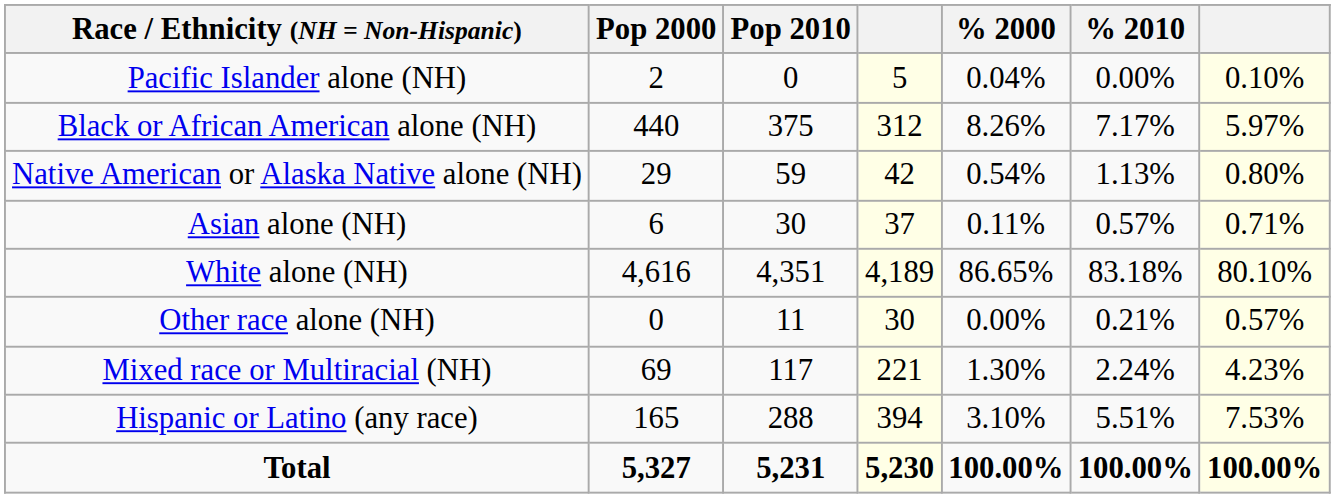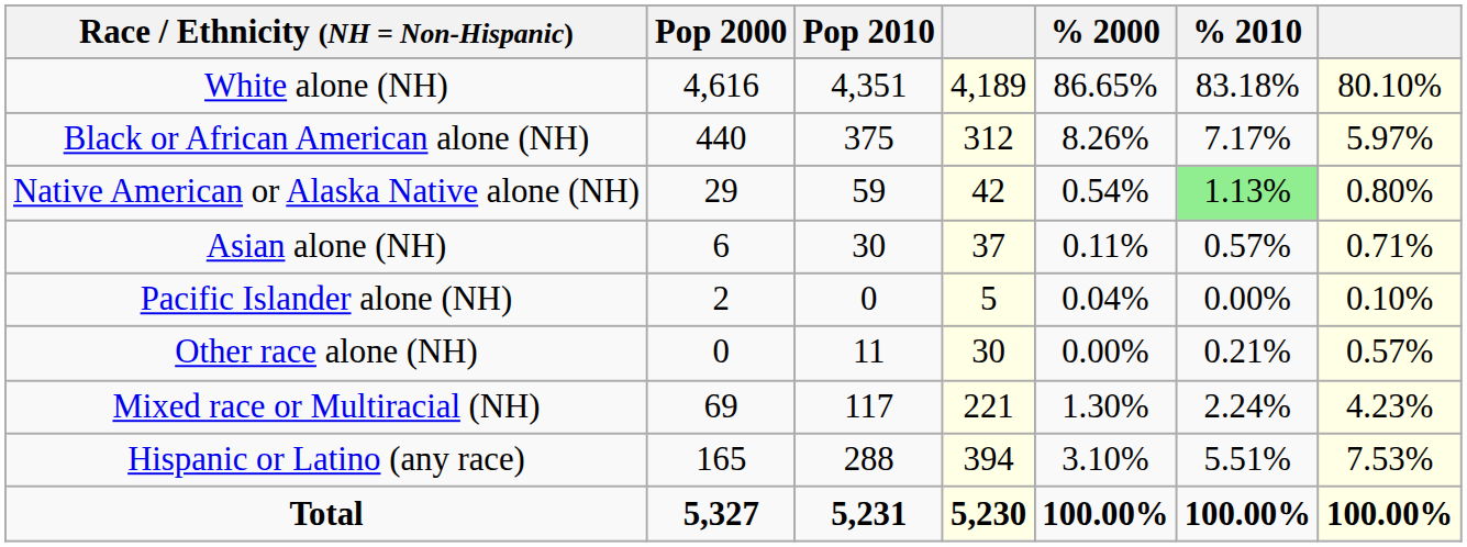 <table class="wikitable" style="text-align:center;">
 <tr>
 <th>Race / Ethnicity <small>(<em>NH = Non-Hispanic</em>)</small></th>
 <th>Pop 2000</th>
 <th>Pop 2010</th>
 <th></th>
 <th>% 2000</th>
 <th>% 2010</th>
 <th></th>
 </tr>
 <tr>
-<td><a href='#'>Pacific Islander</a> alone (NH)</td>
-<td>2</td>
-<td>0</td>
-<td style='background: #ffffe6;'>5</td>
-<td>0.04%</td>
-<td>0.00%</td>
-<td style='background: #ffffe6;'>0.10%</td>
+<td><a href='#'>White</a> alone (NH)</td>
+<td>4,616</td>
+<td>4,351</td>
+<td style='background: #ffffe6;'>4,189</td>
+<td>86.65%</td>
+<td>83.18%</td>
+<td style='background: #ffffe6;'>80.10%</td>
 </tr>
 <tr>
 <td><a href='#'>Black or African American</a> alone (NH)</td>
 <td>440</td>
 <td>375</td>
 <td style='background: #ffffe6;'>312</td>
 <td>8.26%</td>
 <td>7.17%</td>
 <td style='background: #ffffe6;'>5.97%</td>
 </tr>
 <tr>
 <td><a href='#'>Native American</a> or <a href='#'>Alaska Native</a> alone (NH)</td>
 <td>29</td>
 <td>59</td>
 <td style='background: #ffffe6;'>42</td>
 <td>0.54%</td>
-<td>1.13%</td>
+<td style="background: lightgreen;">1.13%</td>
 <td style='background: #ffffe6;'>0.80%</td>
 </tr>
 <tr>
 <td><a href='#'>Asian</a> alone (NH)</td>
 <td>6</td>
 <td>30</td>
 <td style='background: #ffffe6;'>37</td>
 <td>0.11%</td>
 <td>0.57%</td>
 <td style='background: #ffffe6;'>0.71%</td>
 </tr>
 <tr>
-<td><a href='#'>White</a> alone (NH)</td>
-<td>4,616</td>
-<td>4,351</td>
-<td style='background: #ffffe6;'>4,189</td>
-<td>86.65%</td>
-<td>83.18%</td>
-<td style='background: #ffffe6;'>80.10%</td>
+<td><a href='#'>Pacific Islander</a> alone (NH)</td>
+<td>2</td>
+<td>0</td>
+<td style='background: #ffffe6;'>5</td>
+<td>0.04%</td>
+<td>0.00%</td>
+<td style='background: #ffffe6;'>0.10%</td>
 </tr>
 <tr>
 <td><a href='#'>Other race</a> alone (NH)</td>
 <td>0</td>
 <td>11</td>
 <td style='background: #ffffe6;'>30</td>
 <td>0.00%</td>
 <td>0.21%</td>
 <td style='background: #ffffe6;'>0.57%</td>
 </tr>
 <tr>
 <td><a href='#'>Mixed race or Multiracial</a> (NH)</td>
 <td>69</td>
 <td>117</td>
 <td style='background: #ffffe6;'>221</td>
 <td>1.30%</td>
 <td>2.24%</td>
 <td style='background: #ffffe6;'>4.23%</td>
 </tr>
 <tr>
 <td><a href='#'>Hispanic or Latino</a> (any race)</td>
 <td>165</td>
 <td>288</td>
 <td style='background: #ffffe6;'>394</td>
 <td>3.10%</td>
 <td>5.51%</td>
 <td style='background: #ffffe6;'>7.53%</td>
 </tr>
 <tr>
 <td><strong>Total</strong></td>
 <td><strong>5,327</strong></td>
 <td><strong>5,231</strong></td>
 <td style='background: #ffffe6;'><strong>5,230</strong></td>
 <td><strong>100.00%</strong></td>
 <td><strong>100.00%</strong></td>
 <td style='background: #ffffe6;'><strong>100.00%</strong></td>
 </tr>
 </table>
